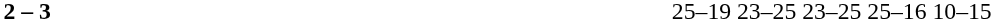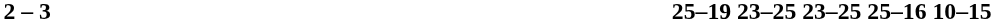 <table width=100% cellspacing=1>
 <tr>
 <th width=20%></th>
 <th width=12%></th>
 <th width=20%></th>
 <th width=33%></th>
 <td></td>
 </tr>
 <tr style=font-size:95%>
 <td align=right></td>
 <td align=center><strong>2 – 3</strong></td>
 <td><strong></strong></td>
-<td>25–19 23–25 23–25 25–16 10–15</td>
+<td><strong>25–19 23–25 23–25 25–16 10–15</strong></td>
 </tr>
 </table>
